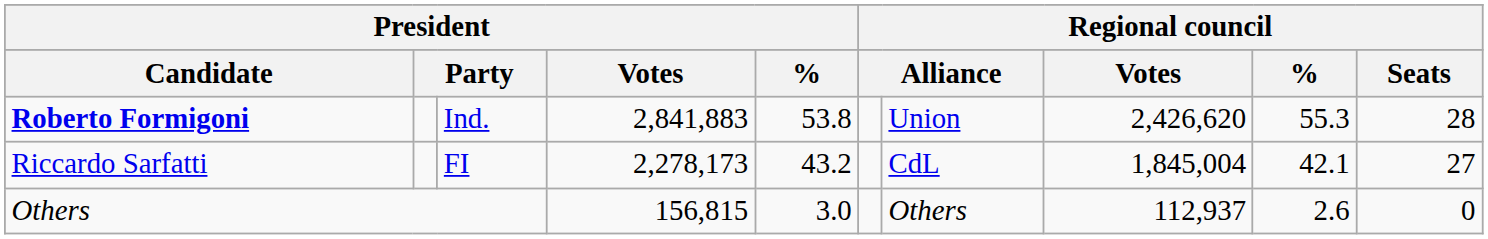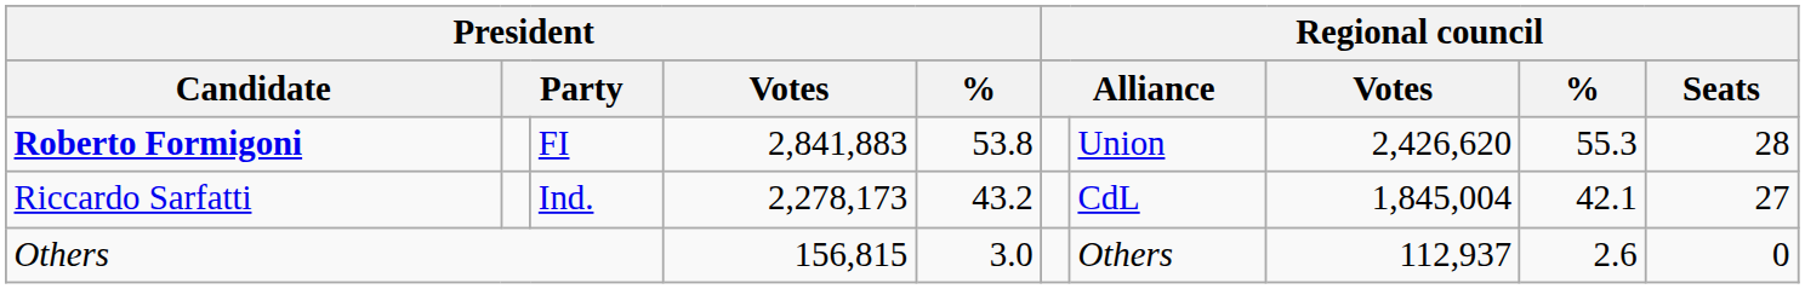 <table class="wikitable" style="text-align:right; style="width=65%">
 <tr>
 <th colspan="5">President</th>
 <th colspan="7">Regional council</th>
 </tr>
 <tr>
 <th>Candidate</th>
 <th colspan="2">Party</th>
 <th>Votes</th>
 <th>%</th>
 <th colspan="2">Alliance</th>
 <th>Votes</th>
 <th>%</th>
 <th>Seats</th>
 </tr>
 <tr>
 <td style="text-align:left"><strong><a href='#'>Roberto Formigoni</a></strong></td>
 <td></td>
-<td style="text-align:left"><a href='#'>Ind.</a></td>
+<td style="text-align:left"><a href='#'>FI</a></td>
 <td>2,841,883</td>
 <td>53.8</td>
 <td></td>
 <td style="text-align:left"><a href='#'>Union</a></td>
 <td>2,426,620</td>
 <td>55.3</td>
 <td>28</td>
 </tr>
 <tr>
 <td style="text-align:left"><a href='#'>Riccardo Sarfatti</a></td>
 <td></td>
-<td style="text-align:left"><a href='#'>FI</a></td>
+<td style="text-align:left"><a href='#'>Ind.</a></td>
 <td>2,278,173</td>
 <td>43.2</td>
 <td></td>
 <td style="text-align:left"><a href='#'>CdL</a></td>
 <td>1,845,004</td>
 <td>42.1</td>
 <td>27</td>
 </tr>
 <tr>
 <td colspan="3" style="text-align:left"><em>Others</em></td>
 <td>156,815</td>
 <td>3.0</td>
 <td></td>
 <td style="text-align:left"><em>Others</em></td>
 <td>112,937</td>
 <td>2.6</td>
 <td>0</td>
 </tr>
 </table>
